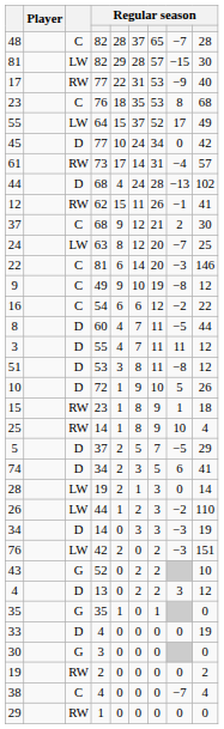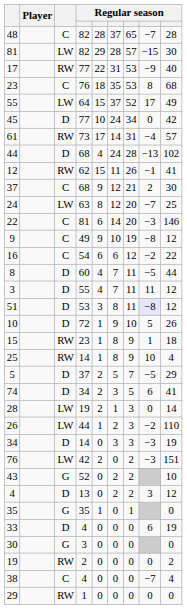 <table class="wikitable sortable plainrowheaders" style="text-align:center;">
 <tr>
 <th scope="col" data-sort-type="number" rowspan="2"></th>
 <th scope="col" rowspan="2">Player</th>
 <th scope="col" rowspan="2"></th>
 <th scope=colgroup colspan=6>Regular season</th>
 </tr>
 <tr>
 <th scope="col" data-sort-type="number"></th>
 <th scope="col" data-sort-type="number"></th>
 <th scope="col" data-sort-type="number"></th>
 <th scope="col" data-sort-type="number"></th>
 <th scope="col" data-sort-type="number"></th>
 <th scope="col" data-sort-type="number"></th>
 </tr>
 <tr>
 <td scope="row">48</td>
 <td align="left"></td>
 <td>C</td>
 <td>82</td>
 <td>28</td>
 <td>37</td>
 <td>65</td>
 <td>−7</td>
 <td>28</td>
 </tr>
 <tr>
 <td scope="row">81</td>
 <td align="left"></td>
 <td>LW</td>
 <td>82</td>
 <td>29</td>
 <td>28</td>
 <td>57</td>
 <td>−15</td>
 <td>30</td>
 </tr>
 <tr>
 <td scope="row">17</td>
 <td align="left"></td>
 <td>RW</td>
 <td>77</td>
 <td>22</td>
 <td>31</td>
 <td>53</td>
 <td>−9</td>
 <td>40</td>
 </tr>
 <tr>
 <td scope="row">23</td>
 <td align="left"></td>
 <td>C</td>
 <td>76</td>
 <td>18</td>
 <td>35</td>
 <td>53</td>
 <td>8</td>
 <td>68</td>
 </tr>
 <tr>
 <td scope="row">55</td>
 <td align="left"></td>
 <td>LW</td>
 <td>64</td>
 <td>15</td>
 <td>37</td>
 <td>52</td>
 <td>17</td>
 <td>49</td>
 </tr>
 <tr>
 <td scope="row">45</td>
 <td align="left"></td>
 <td>D</td>
 <td>77</td>
 <td>10</td>
 <td>24</td>
 <td>34</td>
 <td>0</td>
 <td>42</td>
 </tr>
 <tr>
 <td scope="row">61</td>
 <td align="left"></td>
 <td>RW</td>
 <td>73</td>
 <td>17</td>
 <td>14</td>
 <td>31</td>
 <td>−4</td>
 <td>57</td>
 </tr>
 <tr>
 <td scope="row">44</td>
 <td align="left"></td>
 <td>D</td>
 <td>68</td>
 <td>4</td>
 <td>24</td>
 <td>28</td>
 <td>−13</td>
 <td>102</td>
 </tr>
 <tr>
 <td scope="row">12</td>
 <td align="left"></td>
 <td>RW</td>
 <td>62</td>
 <td>15</td>
 <td>11</td>
 <td>26</td>
 <td>−1</td>
 <td>41</td>
 </tr>
 <tr>
 <td scope="row">37</td>
 <td align="left"></td>
 <td>C</td>
 <td>68</td>
 <td>9</td>
 <td>12</td>
 <td>21</td>
 <td>2</td>
 <td>30</td>
 </tr>
 <tr>
 <td scope="row">24</td>
 <td align="left"></td>
 <td>LW</td>
 <td>63</td>
 <td>8</td>
 <td>12</td>
 <td>20</td>
 <td>−7</td>
 <td>25</td>
 </tr>
 <tr>
 <td scope="row">22</td>
 <td align="left"></td>
 <td>C</td>
 <td>81</td>
 <td>6</td>
 <td>14</td>
 <td>20</td>
 <td>−3</td>
 <td>146</td>
 </tr>
 <tr>
 <td scope="row">9</td>
 <td align="left"></td>
 <td>C</td>
 <td>49</td>
 <td>9</td>
 <td>10</td>
 <td>19</td>
 <td>−8</td>
 <td>12</td>
 </tr>
 <tr>
 <td scope="row">16</td>
 <td align="left"></td>
 <td>C</td>
 <td>54</td>
 <td>6</td>
 <td>6</td>
 <td>12</td>
 <td>−2</td>
 <td>22</td>
 </tr>
 <tr>
 <td scope="row">8</td>
 <td align="left"></td>
 <td>D</td>
 <td>60</td>
 <td>4</td>
 <td>7</td>
 <td>11</td>
 <td>−5</td>
 <td>44</td>
 </tr>
 <tr>
 <td scope="row">3</td>
 <td align="left"></td>
 <td>D</td>
 <td>55</td>
 <td>4</td>
 <td>7</td>
 <td>11</td>
 <td>11</td>
 <td>12</td>
 </tr>
 <tr>
 <td scope="row">51</td>
 <td align="left"></td>
 <td>D</td>
 <td>53</td>
 <td>3</td>
 <td>8</td>
 <td>11</td>
-<td>−8</td>
+<td style="background: lavender;">−8</td>
 <td>12</td>
 </tr>
 <tr>
 <td scope="row">10</td>
 <td align="left"></td>
 <td>D</td>
 <td>72</td>
 <td>1</td>
 <td>9</td>
 <td>10</td>
 <td>5</td>
 <td>26</td>
 </tr>
 <tr>
 <td scope="row">15</td>
 <td align="left"></td>
 <td>RW</td>
 <td>23</td>
 <td>1</td>
 <td>8</td>
 <td>9</td>
 <td>1</td>
 <td>18</td>
 </tr>
 <tr>
 <td scope="row">25</td>
 <td align="left"></td>
 <td>RW</td>
 <td>14</td>
 <td>1</td>
 <td>8</td>
 <td>9</td>
 <td>10</td>
 <td>4</td>
 </tr>
 <tr>
 <td scope="row">5</td>
 <td align="left"></td>
 <td>D</td>
 <td>37</td>
 <td>2</td>
 <td>5</td>
 <td>7</td>
 <td>−5</td>
 <td>29</td>
 </tr>
 <tr>
 <td scope="row">74</td>
 <td align="left"></td>
 <td>D</td>
 <td>34</td>
 <td>2</td>
 <td>3</td>
 <td>5</td>
 <td>6</td>
 <td>41</td>
 </tr>
 <tr>
 <td scope="row">28</td>
 <td align="left"></td>
 <td>LW</td>
 <td>19</td>
 <td>2</td>
 <td>1</td>
 <td>3</td>
 <td>0</td>
 <td>14</td>
 </tr>
 <tr>
 <td scope="row">26</td>
 <td align="left"></td>
 <td>LW</td>
 <td>44</td>
 <td>1</td>
 <td>2</td>
 <td>3</td>
 <td>−2</td>
 <td>110</td>
 </tr>
 <tr>
 <td scope="row">34</td>
 <td align="left"></td>
 <td>D</td>
 <td>14</td>
 <td>0</td>
 <td>3</td>
 <td>3</td>
 <td>−3</td>
 <td>19</td>
 </tr>
 <tr>
 <td scope="row">76</td>
 <td align="left"></td>
 <td>LW</td>
 <td>42</td>
 <td>2</td>
 <td>0</td>
 <td>2</td>
 <td>−3</td>
 <td>151</td>
 </tr>
 <tr>
 <td scope="row">43</td>
 <td align="left"></td>
 <td>G</td>
 <td>52</td>
 <td>0</td>
 <td>2</td>
 <td>2</td>
 <td style="background:#ccc"></td>
 <td>10</td>
 </tr>
 <tr>
 <td scope="row">4</td>
 <td align="left"></td>
 <td>D</td>
 <td>13</td>
 <td>0</td>
 <td>2</td>
 <td>2</td>
 <td>3</td>
 <td>12</td>
 </tr>
 <tr>
 <td scope="row">35</td>
 <td align="left"></td>
 <td>G</td>
 <td>35</td>
 <td>1</td>
 <td>0</td>
 <td>1</td>
 <td style="background:#ccc"></td>
 <td>0</td>
 </tr>
 <tr>
 <td scope="row">33</td>
 <td align="left"></td>
 <td>D</td>
 <td>4</td>
 <td>0</td>
 <td>0</td>
 <td>0</td>
-<td>0</td>
+<td>6</td>
 <td>19</td>
 </tr>
 <tr>
 <td scope="row">30</td>
 <td align="left"></td>
 <td>G</td>
 <td>3</td>
 <td>0</td>
 <td>0</td>
 <td>0</td>
 <td style="background:#ccc"></td>
 <td>0</td>
 </tr>
 <tr>
 <td scope="row">19</td>
 <td align="left"></td>
 <td>RW</td>
 <td>2</td>
 <td>0</td>
 <td>0</td>
 <td>0</td>
 <td>0</td>
 <td>2</td>
 </tr>
 <tr>
 <td scope="row">38</td>
 <td align="left"></td>
 <td>C</td>
 <td>4</td>
 <td>0</td>
 <td>0</td>
 <td>0</td>
 <td>−7</td>
 <td>4</td>
 </tr>
 <tr>
 <td scope="row">29</td>
 <td align="left"></td>
 <td>RW</td>
 <td>1</td>
 <td>0</td>
 <td>0</td>
 <td>0</td>
 <td>0</td>
 <td>0</td>
 </tr>
 </table>
